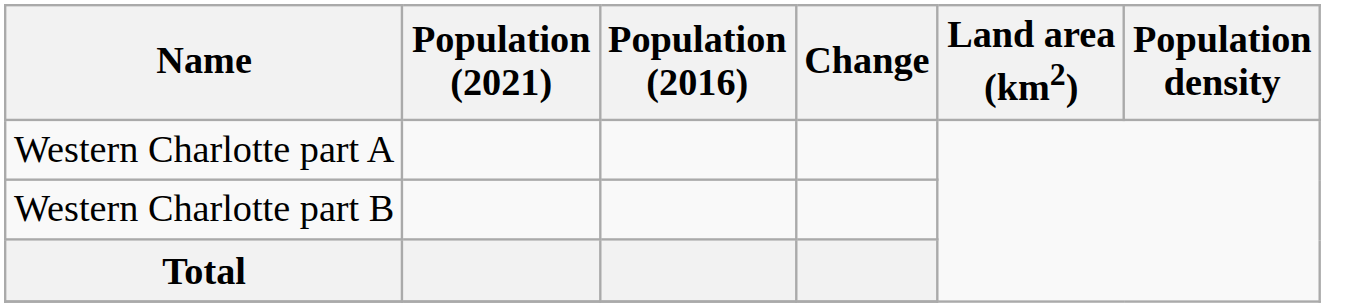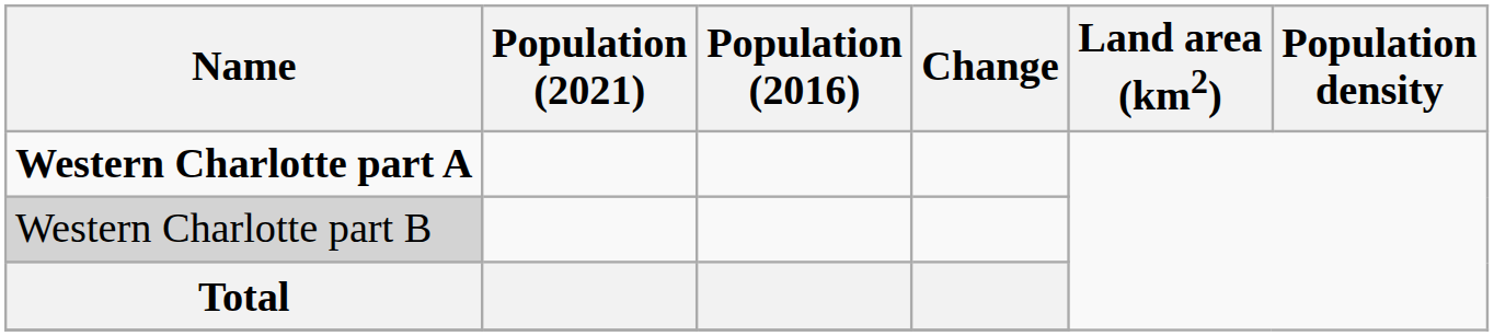 <table class="wikitable sortable collapsible">
 <tr>
 <th scope="col">Name</th>
 <th scope="col">Population<br>(2021)</th>
 <th scope="col">Population<br>(2016)</th>
 <th scope="col">Change</th>
 <th scope="col">Land area<br>(km<sup>2</sup>)</th>
 <th scope="col">Population<br>density</th>
 </tr>
 <tr>
-<td scope="row">Western Charlotte part A </td>
+<td scope="row"><strong>Western Charlotte part A </strong></td>
 <td></td>
 <td align=center></td>
 <td align=center></td>
 </tr>
 <tr>
-<td scope="row">Western Charlotte part B </td>
+<td scope="row" style="background: lightgrey;">Western Charlotte part B </td>
 <td></td>
 <td align=center></td>
 <td align=center></td>
 </tr>
 <tr class="sortbottom" align="center" style="background: #f2f2f2;">
 <td><strong>Total</strong></td>
 <td></td>
 <td align=center><strong></strong></td>
 <td><strong></strong></td>
 </tr>
 <tr>
 </tr>
 </table>
